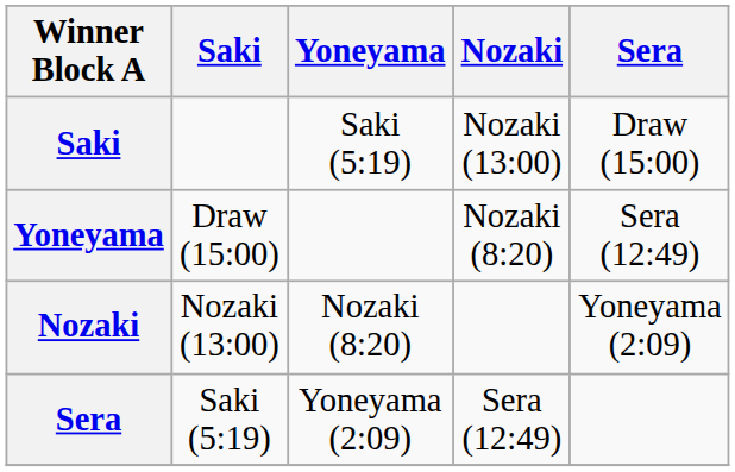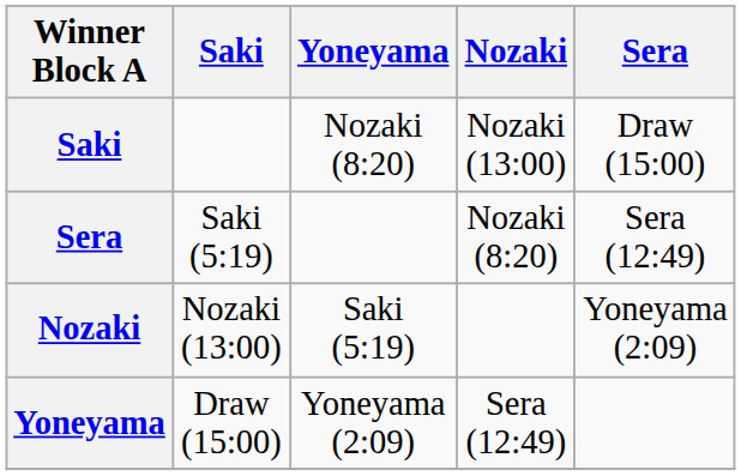 <table class="wikitable" style="text-align:center; margin: 1em auto 1em auto;" width="25%">
 <tr>
 <th>Winner Block A</th>
 <th><a href='#'>Saki</a></th>
 <th><a href='#'>Yoneyama</a></th>
 <th><a href='#'>Nozaki</a></th>
 <th><a href='#'>Sera</a></th>
 </tr>
 <tr>
 <th><a href='#'>Saki</a></th>
 <td></td>
-<td>Saki<br>(5:19)</td>
+<td>Nozaki<br>(8:20)</td>
 <td>Nozaki<br>(13:00)</td>
 <td>Draw<br>(15:00)</td>
 </tr>
 <tr>
-<th><a href='#'>Yoneyama</a></th>
-<td>Draw<br>(15:00)</td>
+<th><a href='#'>Sera</a></th>
+<td>Saki<br>(5:19)</td>
 <td></td>
 <td>Nozaki<br>(8:20)</td>
 <td>Sera<br>(12:49)</td>
 </tr>
 <tr>
 <th><a href='#'>Nozaki</a></th>
 <td>Nozaki<br>(13:00)</td>
-<td>Nozaki<br>(8:20)</td>
+<td>Saki<br>(5:19)</td>
 <td></td>
 <td>Yoneyama<br>(2:09)</td>
 </tr>
 <tr>
-<th><a href='#'>Sera</a></th>
-<td>Saki<br>(5:19)</td>
+<th><a href='#'>Yoneyama</a></th>
+<td>Draw<br>(15:00)</td>
 <td>Yoneyama<br>(2:09)</td>
 <td>Sera<br>(12:49)</td>
 <td></td>
 </tr>
 <tr>
 </tr>
 </table>
